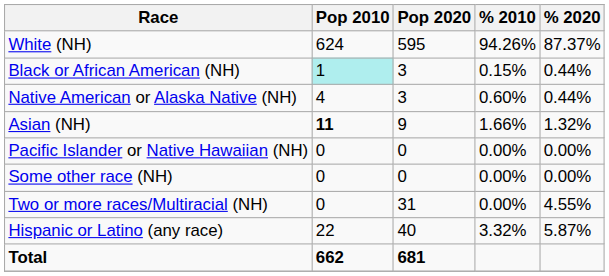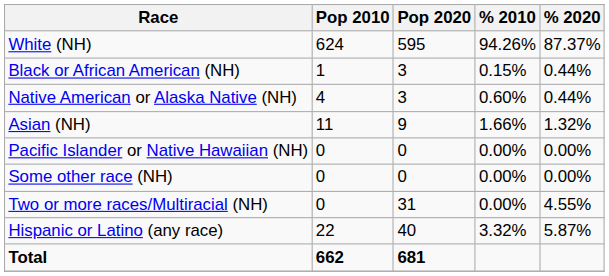 <table class="wikitable">
 <tr>
 <th>Race</th>
 <th>Pop 2010</th>
 <th>Pop 2020</th>
 <th>% 2010</th>
 <th>% 2020</th>
 </tr>
 <tr>
 <td><a href='#'>White</a> (NH)</td>
 <td>624</td>
 <td>595</td>
 <td>94.26%</td>
 <td>87.37%</td>
 </tr>
 <tr>
 <td><a href='#'>Black or African American</a> (NH)</td>
-<td style="background: paleturquoise;">1</td>
+<td>1</td>
 <td>3</td>
 <td>0.15%</td>
 <td>0.44%</td>
 </tr>
 <tr>
 <td><a href='#'>Native American</a> or <a href='#'>Alaska Native</a> (NH)</td>
 <td>4</td>
 <td>3</td>
 <td>0.60%</td>
 <td>0.44%</td>
 </tr>
 <tr>
 <td><a href='#'>Asian</a> (NH)</td>
-<td><strong>11</strong></td>
+<td>11</td>
 <td>9</td>
 <td>1.66%</td>
 <td>1.32%</td>
 </tr>
 <tr>
 <td><a href='#'>Pacific Islander</a> or <a href='#'>Native Hawaiian</a> (NH)</td>
 <td>0</td>
 <td>0</td>
 <td>0.00%</td>
 <td>0.00%</td>
 </tr>
 <tr>
 <td><a href='#'>Some other race</a> (NH)</td>
 <td>0</td>
 <td>0</td>
 <td>0.00%</td>
 <td>0.00%</td>
 </tr>
 <tr>
 <td><a href='#'>Two or more races/Multiracial</a> (NH)</td>
 <td>0</td>
 <td>31</td>
 <td>0.00%</td>
 <td>4.55%</td>
 </tr>
 <tr>
 <td><a href='#'>Hispanic or Latino</a> (any race)</td>
 <td>22</td>
 <td>40</td>
 <td>3.32%</td>
 <td>5.87%</td>
 </tr>
 <tr>
 <td><strong>Total</strong></td>
 <td><strong>662</strong></td>
 <td><strong>681</strong></td>
 <td></td>
 <td></td>
 </tr>
 <tr>
 </tr>
 </table>
